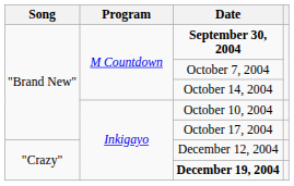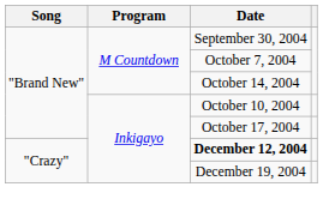 <table class="wikitable sortable plainrowheaders" style="text-align:center">
 <tr>
 <th>Song</th>
 <th width="110">Program</th>
 <th width="130">Date</th>
 <th scope="col" class="unsortable"></th>
 </tr>
 <tr>
 <td rowspan="5">"Brand New"</td>
 <td rowspan="3"><em><a href='#'>M Countdown</a></em></td>
-<td><strong>September 30, 2004</strong></td>
+<td>September 30, 2004</td>
 <td rowspan="3"></td>
 </tr>
 <tr>
 <td>October 7, 2004</td>
 </tr>
 <tr>
 <td>October 14, 2004</td>
 </tr>
 <tr>
 <td rowspan="4"><em><a href='#'>Inkigayo</a></em></td>
 <td>October 10, 2004</td>
 <td></td>
 </tr>
 <tr>
 <td>October 17, 2004</td>
 <td></td>
 </tr>
 <tr>
 <td rowspan="2">"Crazy"</td>
-<td>December 12, 2004</td>
+<td><strong>December 12, 2004</strong></td>
 <td></td>
 </tr>
 <tr>
-<td><strong>December 19, 2004</strong></td>
+<td>December 19, 2004</td>
 <td></td>
 </tr>
 </table>
